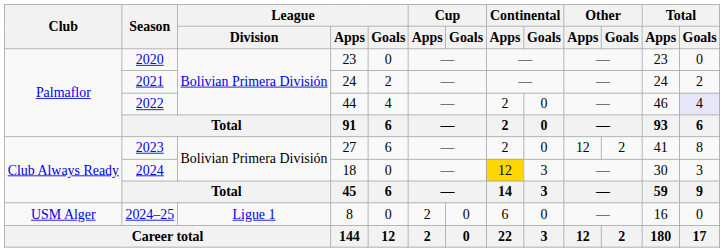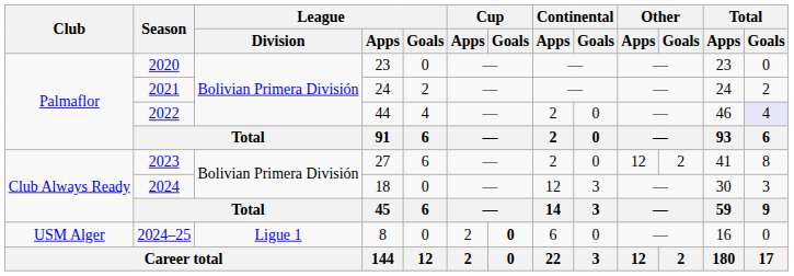 <table class="wikitable" style="text-align: center;">
 <tr>
 <th rowspan="2">Club</th>
 <th rowspan="2">Season</th>
 <th colspan="3">League</th>
 <th colspan="2">Cup</th>
 <th colspan="2">Continental</th>
 <th colspan="2">Other</th>
 <th colspan="2">Total</th>
 </tr>
 <tr>
 <th>Division</th>
 <th>Apps</th>
 <th>Goals</th>
 <th>Apps</th>
 <th>Goals</th>
 <th>Apps</th>
 <th>Goals</th>
 <th>Apps</th>
 <th>Goals</th>
 <th>Apps</th>
 <th>Goals</th>
 </tr>
 <tr>
 <td rowspan=4><a href='#'>Palmaflor</a></td>
 <td><a href='#'>2020</a></td>
 <td rowspan=3><a href='#'>Bolivian Primera División</a></td>
 <td>23</td>
 <td>0</td>
 <td colspan=2>—</td>
 <td colspan=2>—</td>
 <td colspan=2>—</td>
 <td>23</td>
 <td>0</td>
 </tr>
 <tr>
 <td><a href='#'>2021</a></td>
 <td>24</td>
 <td>2</td>
 <td colspan=2>—</td>
 <td colspan=2>—</td>
 <td colspan=2>—</td>
 <td>24</td>
 <td>2</td>
 </tr>
 <tr>
 <td><a href='#'>2022</a></td>
 <td>44</td>
 <td>4</td>
 <td colspan=2>—</td>
 <td>2</td>
 <td>0</td>
 <td colspan=2>—</td>
 <td>46</td>
 <td style="background: lavender;">4</td>
 </tr>
 <tr>
 <th colspan="2">Total</th>
 <th>91</th>
 <th>6</th>
 <th colspan=2>—</th>
 <th>2</th>
 <th>0</th>
 <th colspan=2>—</th>
 <th>93</th>
 <th>6</th>
 </tr>
 <tr>
 <td rowspan=3><a href='#'>Club Always Ready</a></td>
 <td><a href='#'>2023</a></td>
 <td rowspan=2>Bolivian Primera División</td>
 <td>27</td>
 <td>6</td>
 <td colspan=2>—</td>
 <td>2</td>
 <td>0</td>
 <td>12</td>
 <td>2</td>
 <td>41</td>
 <td>8</td>
 </tr>
 <tr>
 <td><a href='#'>2024</a></td>
 <td>18</td>
 <td>0</td>
 <td colspan=2>—</td>
-<td style="background: gold;">12</td>
+<td>12</td>
 <td>3</td>
 <td colspan=2>—</td>
 <td>30</td>
 <td>3</td>
 </tr>
 <tr>
 <th colspan="2">Total</th>
 <th>45</th>
 <th>6</th>
 <th colspan=2>—</th>
 <th>14</th>
 <th>3</th>
 <th colspan=2>—</th>
 <th>59</th>
 <th>9</th>
 </tr>
 <tr>
 <td><a href='#'>USM Alger</a></td>
 <td><a href='#'>2024–25</a></td>
 <td><a href='#'>Ligue 1</a></td>
 <td>8</td>
 <td>0</td>
 <td>2</td>
-<td>0</td>
+<td><strong>0</strong></td>
 <td>6</td>
 <td>0</td>
 <td colspan=2>—</td>
 <td>16</td>
 <td>0</td>
 </tr>
 <tr>
 <th colspan="3">Career total</th>
 <th>144</th>
 <th>12</th>
 <th>2</th>
 <th>0</th>
 <th>22</th>
 <th>3</th>
 <th>12</th>
 <th>2</th>
 <th>180</th>
 <th>17</th>
 </tr>
 </table>
